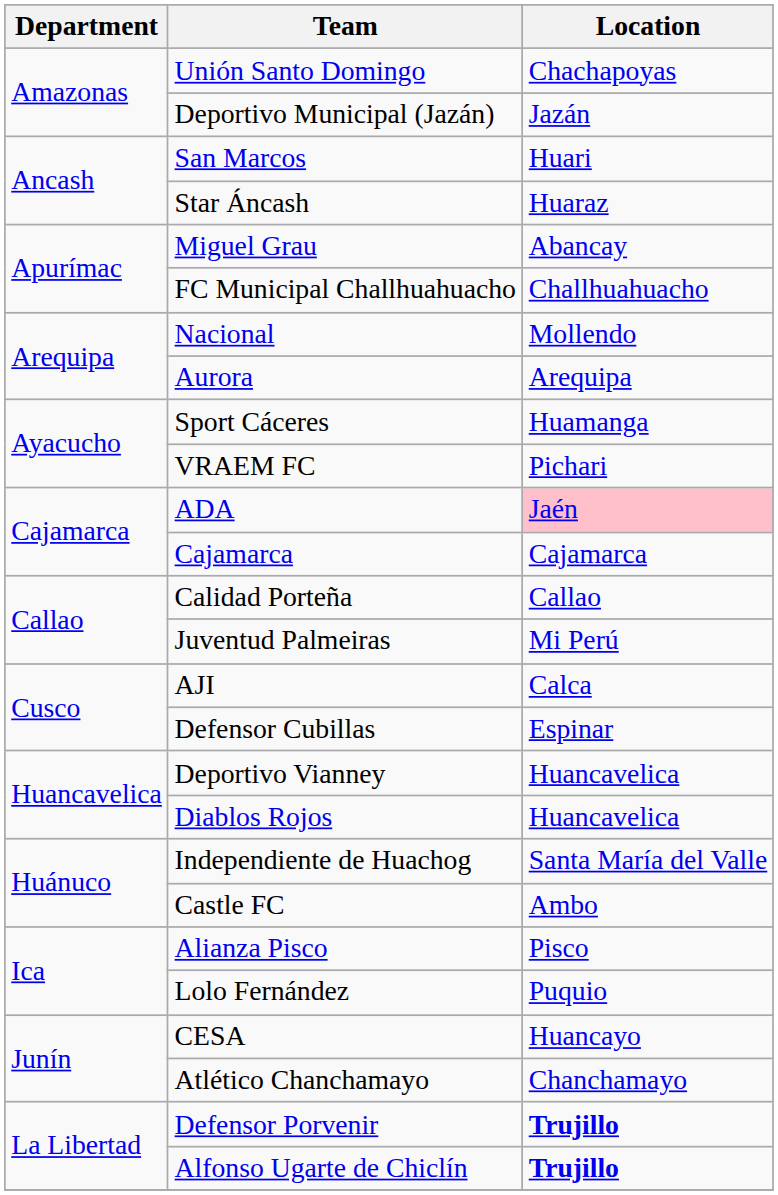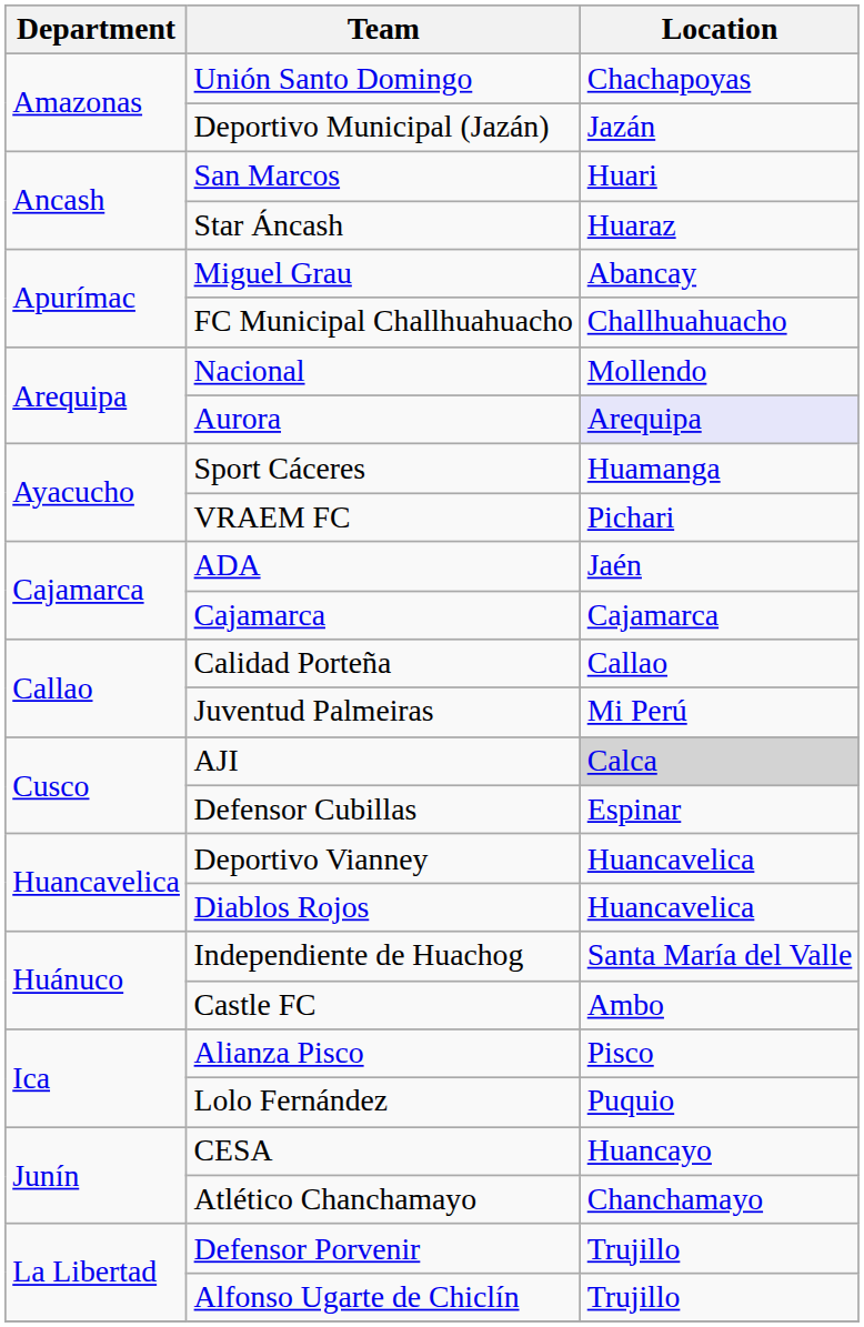 <table class="wikitable">
 <tr>
 <th>Department</th>
 <th>Team</th>
 <th>Location</th>
 </tr>
 <tr>
 <td rowspan="2"><a href='#'>Amazonas</a></td>
 <td><a href='#'>Unión Santo Domingo</a></td>
 <td><a href='#'>Chachapoyas</a></td>
 </tr>
 <tr>
 <td>Deportivo Municipal (Jazán)</td>
 <td><a href='#'>Jazán</a></td>
 </tr>
 <tr>
 <td rowspan="2"><a href='#'>Ancash</a></td>
 <td><a href='#'>San Marcos</a></td>
 <td><a href='#'>Huari</a></td>
 </tr>
 <tr>
 <td>Star Áncash</td>
 <td><a href='#'>Huaraz</a></td>
 </tr>
 <tr>
 <td rowspan="2"><a href='#'>Apurímac</a></td>
 <td><a href='#'>Miguel Grau</a></td>
 <td><a href='#'>Abancay</a></td>
 </tr>
 <tr>
 <td>FC Municipal Challhuahuacho</td>
 <td><a href='#'>Challhuahuacho</a></td>
 </tr>
 <tr>
 <td rowspan="2"><a href='#'>Arequipa</a></td>
 <td><a href='#'>Nacional</a></td>
 <td><a href='#'>Mollendo</a></td>
 </tr>
 <tr>
 <td><a href='#'>Aurora</a></td>
-<td><a href='#'>Arequipa</a></td>
+<td style="background: lavender;"><a href='#'>Arequipa</a></td>
 </tr>
 <tr>
 <td rowspan="2"><a href='#'>Ayacucho</a></td>
 <td>Sport Cáceres</td>
 <td><a href='#'>Huamanga</a></td>
 </tr>
 <tr>
 <td>VRAEM FC</td>
 <td><a href='#'>Pichari</a></td>
 </tr>
 <tr>
 <td rowspan="2"><a href='#'>Cajamarca</a></td>
 <td><a href='#'>ADA</a></td>
-<td style="background: pink;"><a href='#'>Jaén</a></td>
+<td><a href='#'>Jaén</a></td>
 </tr>
 <tr>
 <td><a href='#'>Cajamarca</a></td>
 <td><a href='#'>Cajamarca</a></td>
 </tr>
 <tr>
 <td rowspan="2"><a href='#'>Callao</a></td>
 <td>Calidad Porteña</td>
 <td><a href='#'>Callao</a></td>
 </tr>
 <tr>
 <td>Juventud Palmeiras</td>
 <td><a href='#'>Mi Perú</a></td>
 </tr>
 <tr>
 <td rowspan="2"><a href='#'>Cusco</a></td>
 <td>AJI</td>
-<td><a href='#'>Calca</a></td>
+<td style="background: lightgrey;"><a href='#'>Calca</a></td>
 </tr>
 <tr>
 <td>Defensor Cubillas</td>
 <td><a href='#'>Espinar</a></td>
 </tr>
 <tr>
 <td rowspan="2"><a href='#'>Huancavelica</a></td>
 <td>Deportivo Vianney</td>
 <td><a href='#'>Huancavelica</a></td>
 </tr>
 <tr>
 <td><a href='#'>Diablos Rojos</a></td>
 <td><a href='#'>Huancavelica</a></td>
 </tr>
 <tr>
 <td rowspan="2"><a href='#'>Huánuco</a></td>
 <td>Independiente de Huachog</td>
 <td><a href='#'>Santa María del Valle</a></td>
 </tr>
 <tr>
 <td>Castle FC</td>
 <td><a href='#'>Ambo</a></td>
 </tr>
 <tr>
 <td rowspan="2"><a href='#'>Ica</a></td>
 <td><a href='#'>Alianza Pisco</a></td>
 <td><a href='#'>Pisco</a></td>
 </tr>
 <tr>
 <td>Lolo Fernández</td>
 <td><a href='#'>Puquio</a></td>
 </tr>
 <tr>
 <td rowspan="2"><a href='#'>Junín</a></td>
 <td>CESA</td>
 <td><a href='#'>Huancayo</a></td>
 </tr>
 <tr>
 <td>Atlético Chanchamayo</td>
 <td><a href='#'>Chanchamayo</a></td>
 </tr>
 <tr>
 <td rowspan="2"><a href='#'>La Libertad</a></td>
 <td><a href='#'>Defensor Porvenir</a></td>
-<td><strong><a href='#'>Trujillo</a></strong></td>
+<td><a href='#'>Trujillo</a></td>
 </tr>
 <tr>
 <td><a href='#'>Alfonso Ugarte de Chiclín</a></td>
-<td><strong><a href='#'>Trujillo</a></strong></td>
+<td><a href='#'>Trujillo</a></td>
 </tr>
 <tr>
 </tr>
 </table>
